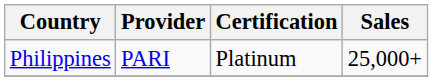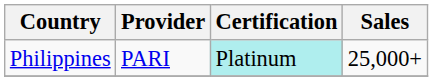 <table class="wikitable">
 <tr>
 <th>Country</th>
 <th>Provider</th>
 <th>Certification</th>
 <th>Sales</th>
 </tr>
 <tr>
 <td><a href='#'>Philippines</a></td>
 <td><a href='#'>PARI</a></td>
-<td>Platinum</td>
+<td style="background: paleturquoise;">Platinum</td>
 <td>25,000+</td>
 </tr>
 <tr>
 </tr>
 </table>
